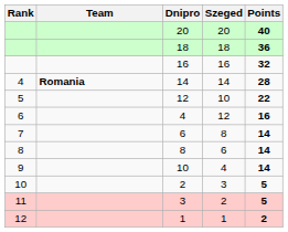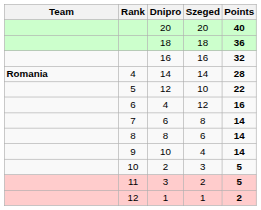 <table class="wikitable" style="text-align: center;">
 <tr>
+<th width=180>Team</th>
 <th width=40>Rank</th>
-<th width=180>Team</th>
 <th width=40>Dnipro</th>
 <th width=40>Szeged</th>
 <th width=40>Points</th>
 </tr>
 <tr bgcolor=ccffcc>
+<td align=left></td>
 <td></td>
-<td align=left></td>
 <td>20</td>
 <td>20</td>
 <td><strong>40</strong></td>
 </tr>
 <tr bgcolor=ccffcc>
+<td align=left></td>
 <td></td>
-<td align=left></td>
 <td>18</td>
 <td>18</td>
 <td><strong>36</strong></td>
 </tr>
 <tr>
+<td align=left></td>
 <td></td>
-<td align=left></td>
 <td>16</td>
 <td>16</td>
 <td><strong>32</strong></td>
 </tr>
 <tr>
+<td align=left><strong> Romania</strong></td>
 <td>4</td>
-<td align=left><strong> Romania</strong></td>
 <td>14</td>
 <td>14</td>
 <td><strong>28</strong></td>
 </tr>
 <tr>
+<td align=left></td>
 <td>5</td>
-<td align=left></td>
 <td>12</td>
 <td>10</td>
 <td><strong>22</strong></td>
 </tr>
 <tr>
+<td align=left></td>
 <td>6</td>
-<td align=left></td>
 <td>4</td>
 <td>12</td>
 <td><strong>16</strong></td>
 </tr>
 <tr>
+<td align=left></td>
 <td>7</td>
-<td align=left></td>
 <td>6</td>
 <td>8</td>
 <td><strong>14</strong></td>
 </tr>
 <tr>
+<td align=left></td>
 <td>8</td>
-<td align=left></td>
 <td>8</td>
 <td>6</td>
 <td><strong>14</strong></td>
 </tr>
 <tr>
+<td align=left></td>
 <td>9</td>
-<td align=left></td>
 <td>10</td>
 <td>4</td>
 <td><strong>14</strong></td>
 </tr>
 <tr>
+<td align=left></td>
 <td>10</td>
-<td align=left></td>
 <td>2</td>
 <td>3</td>
 <td><strong>5</strong></td>
 </tr>
 <tr bgcolor=ffcccc>
+<td align=left></td>
 <td>11</td>
-<td align=left></td>
 <td>3</td>
 <td>2</td>
 <td><strong>5</strong></td>
 </tr>
 <tr bgcolor=ffcccc>
+<td align=left></td>
 <td>12</td>
-<td align=left></td>
 <td>1</td>
 <td>1</td>
 <td><strong>2</strong></td>
 </tr>
 </table>
